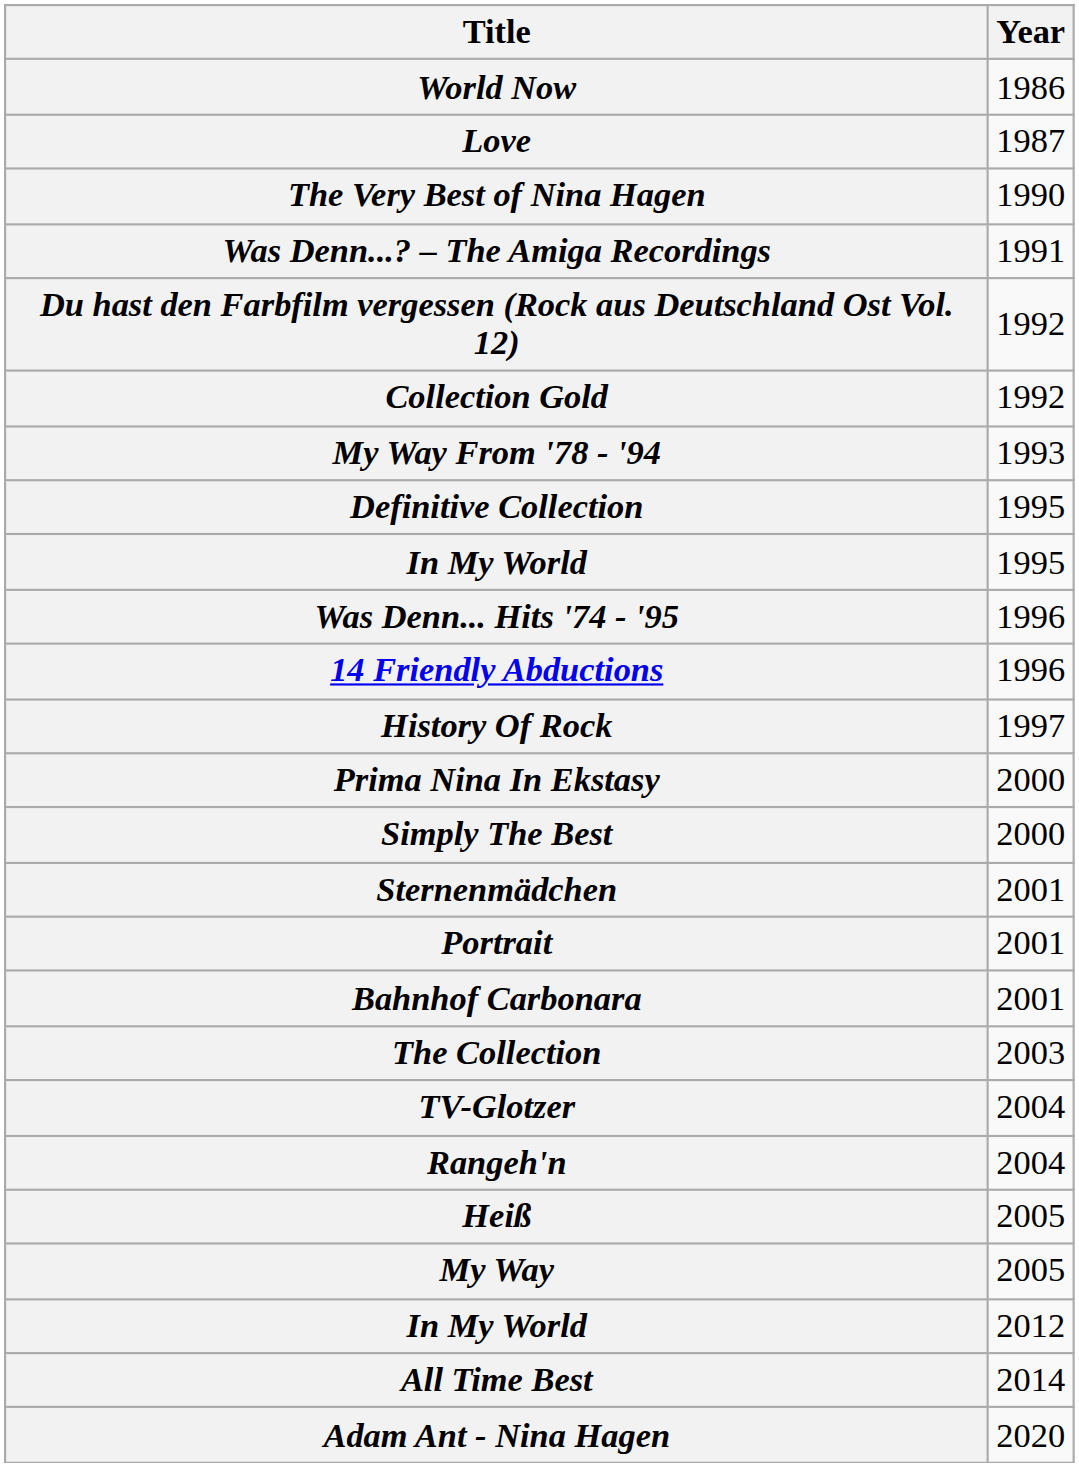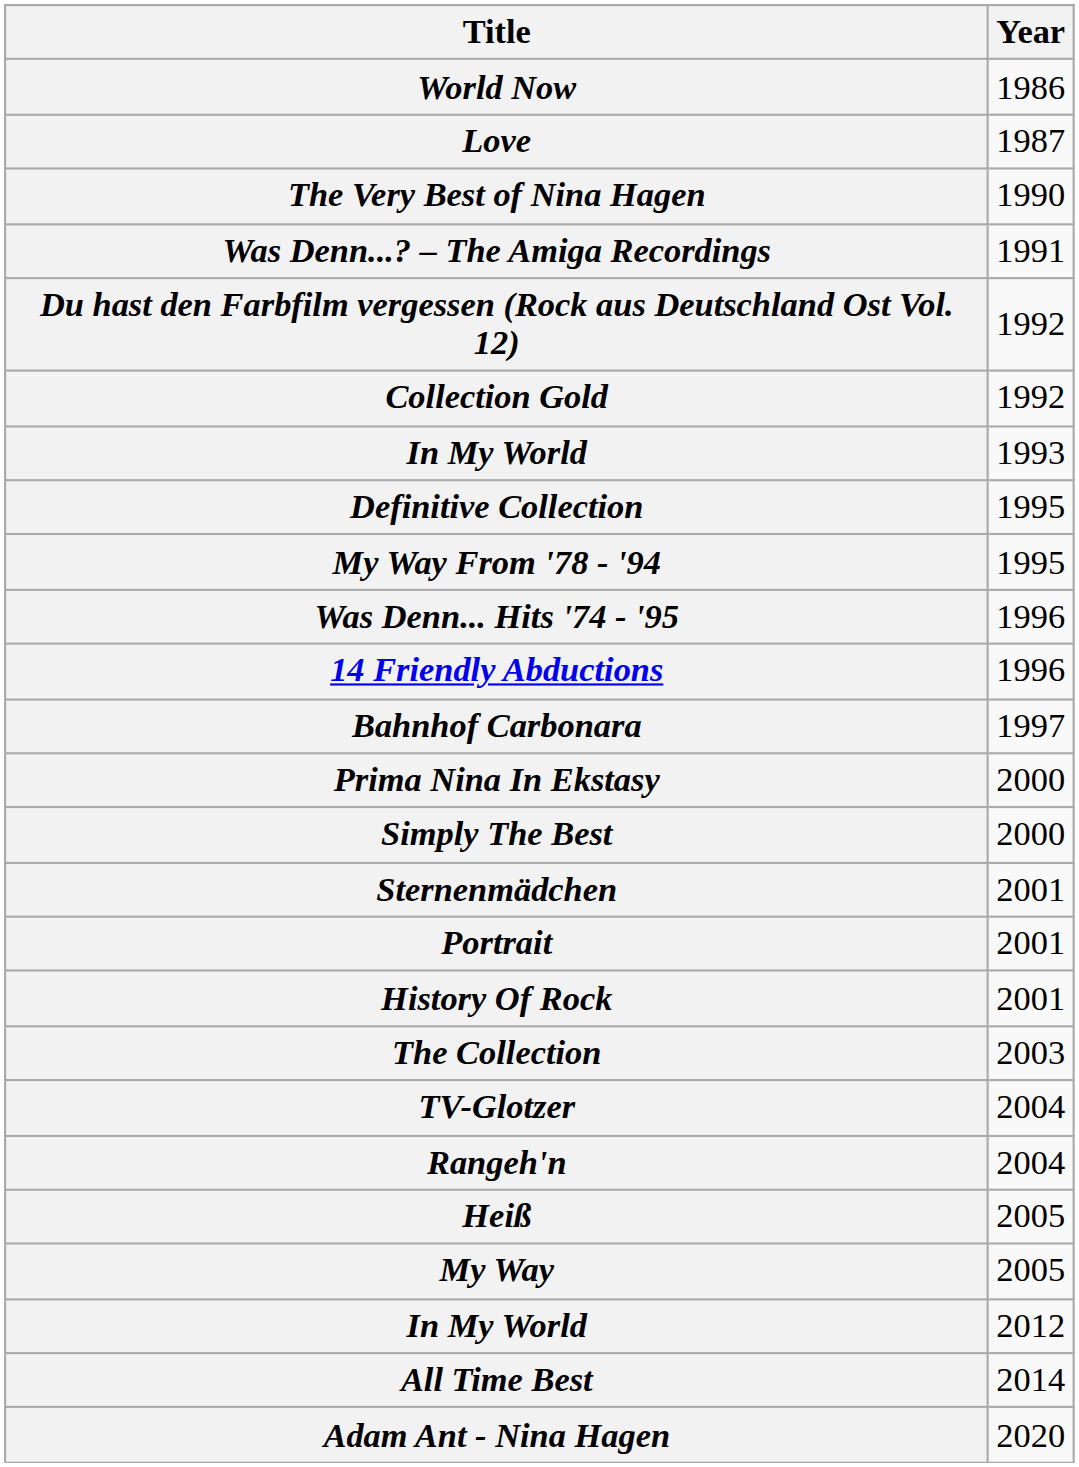 <table class="wikitable plainrowheaders">
 <tr>
 <th scope="col" width="450">Title</th>
 <th scope="col">Year</th>
 </tr>
 <tr>
 <th scope="row"><em>World Now</em></th>
 <td align="center">1986</td>
 </tr>
 <tr>
 <th scope="row"><em>Love</em></th>
 <td align="center">1987</td>
 </tr>
 <tr>
 <th scope="row"><em>The Very Best of Nina Hagen</em></th>
 <td align="center">1990</td>
 </tr>
 <tr>
 <th scope="row"><em>Was Denn...? – The Amiga Recordings</em></th>
 <td align="center">1991</td>
 </tr>
 <tr>
 <th scope="row"><em>Du hast den Farbfilm vergessen (Rock aus Deutschland Ost Vol. 12)</em></th>
 <td align="center">1992</td>
 </tr>
 <tr>
 <th scope="row"><em>Collection Gold</em></th>
 <td align="center">1992</td>
 </tr>
 <tr>
-<th scope="row"><em>My Way From '78 - '94</em></th>
+<th scope="row"><em>In My World</em></th>
 <td align="center">1993</td>
 </tr>
 <tr>
 <th scope="row"><em>Definitive Collection</em></th>
 <td align="center">1995</td>
 </tr>
 <tr>
-<th scope="row"><em>In My World</em></th>
+<th scope="row"><em>My Way From '78 - '94</em></th>
 <td align="center">1995</td>
 </tr>
 <tr>
 <th scope="row"><em>Was Denn... Hits '74 - '95</em></th>
 <td align="center">1996</td>
 </tr>
 <tr>
 <th scope="row"><em><a href='#'>14 Friendly Abductions</a></em></th>
 <td align="center">1996</td>
 </tr>
 <tr>
-<th scope="row"><em>History Of Rock</em></th>
+<th scope="row"><em>Bahnhof Carbonara</em></th>
 <td align="center">1997</td>
 </tr>
 <tr>
 <th scope="row"><em>Prima Nina In Ekstasy</em></th>
 <td align="center">2000</td>
 </tr>
 <tr>
 <th scope="row"><em>Simply The Best</em></th>
 <td align="center">2000</td>
 </tr>
 <tr>
 <th scope="row"><em>Sternenmädchen</em></th>
 <td align="center">2001</td>
 </tr>
 <tr>
 <th scope="row"><em>Portrait</em></th>
 <td align="center">2001</td>
 </tr>
 <tr>
-<th scope="row"><em>Bahnhof Carbonara</em></th>
+<th scope="row"><em>History Of Rock</em></th>
 <td align="center">2001</td>
 </tr>
 <tr>
 <th scope="row"><em>The Collection</em></th>
 <td align="center">2003</td>
 </tr>
 <tr>
 <th scope="row"><em>TV-Glotzer</em></th>
 <td align="center">2004</td>
 </tr>
 <tr>
 <th scope="row"><em>Rangeh'n</em></th>
 <td align="center">2004</td>
 </tr>
 <tr>
 <th scope="row"><em>Heiß</em></th>
 <td align="center">2005</td>
 </tr>
 <tr>
 <th scope="row"><em>My Way</em></th>
 <td align="center">2005</td>
 </tr>
 <tr>
 <th scope="row"><em>In My World</em></th>
 <td align="center">2012</td>
 </tr>
 <tr>
 <th scope="row"><em>All Time Best</em></th>
 <td align="center">2014</td>
 </tr>
 <tr>
 <th scope="row"><em>Adam Ant - Nina Hagen</em></th>
 <td align="center">2020</td>
 </tr>
 </table>
